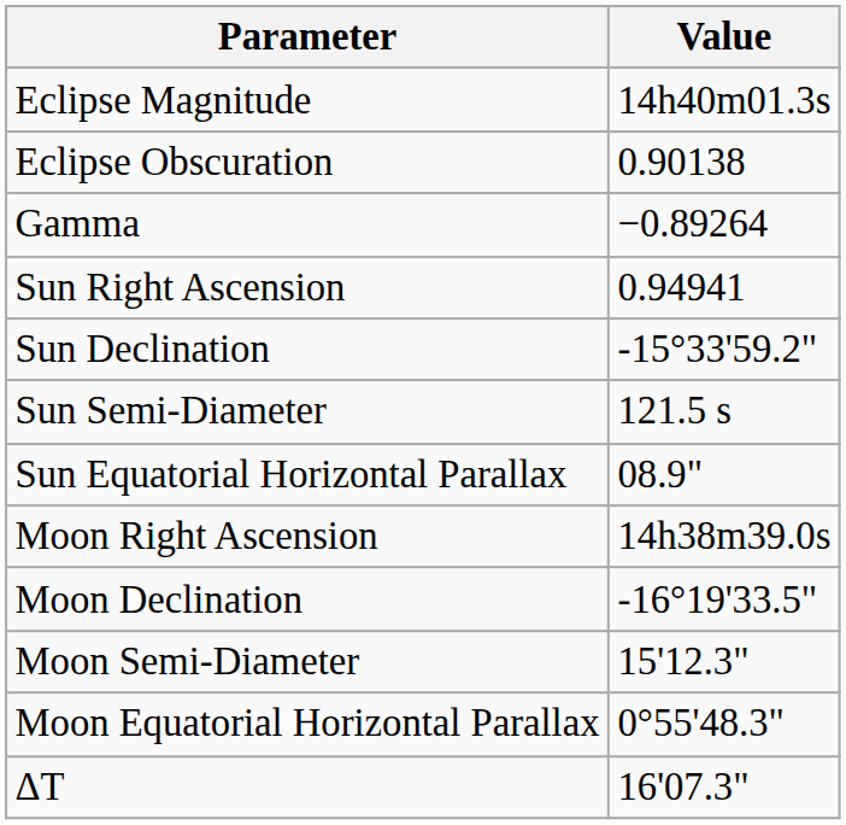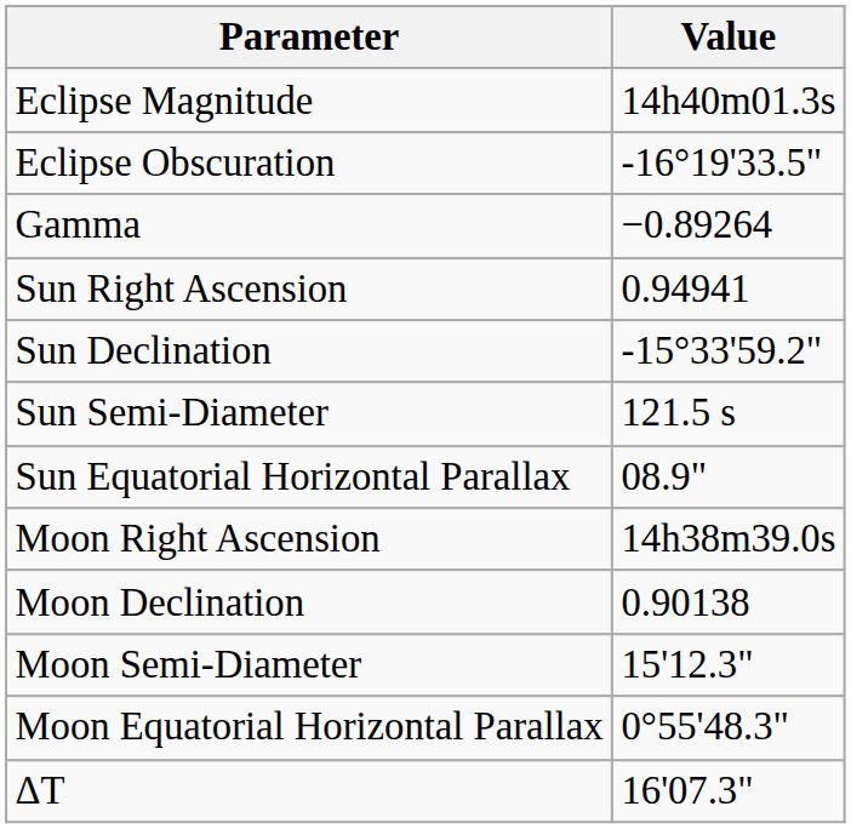 <table class="wikitable">
 <tr>
 <th>Parameter</th>
 <th>Value</th>
 </tr>
 <tr>
 <td>Eclipse Magnitude</td>
 <td>14h40m01.3s</td>
 </tr>
 <tr>
 <td>Eclipse Obscuration</td>
-<td>0.90138</td>
+<td>-16°19'33.5"</td>
 </tr>
 <tr>
 <td>Gamma</td>
 <td>−0.89264</td>
 </tr>
 <tr>
 <td>Sun Right Ascension</td>
 <td>0.94941</td>
 </tr>
 <tr>
 <td>Sun Declination</td>
 <td>-15°33'59.2"</td>
 </tr>
 <tr>
 <td>Sun Semi-Diameter</td>
 <td>121.5 s</td>
 </tr>
 <tr>
 <td>Sun Equatorial Horizontal Parallax</td>
 <td>08.9"</td>
 </tr>
 <tr>
 <td>Moon Right Ascension</td>
 <td>14h38m39.0s</td>
 </tr>
 <tr>
 <td>Moon Declination</td>
-<td>-16°19'33.5"</td>
+<td>0.90138</td>
 </tr>
 <tr>
 <td>Moon Semi-Diameter</td>
 <td>15'12.3"</td>
 </tr>
 <tr>
 <td>Moon Equatorial Horizontal Parallax</td>
 <td>0°55'48.3"</td>
 </tr>
 <tr>
 <td>ΔT</td>
 <td>16'07.3"</td>
 </tr>
 </table>
